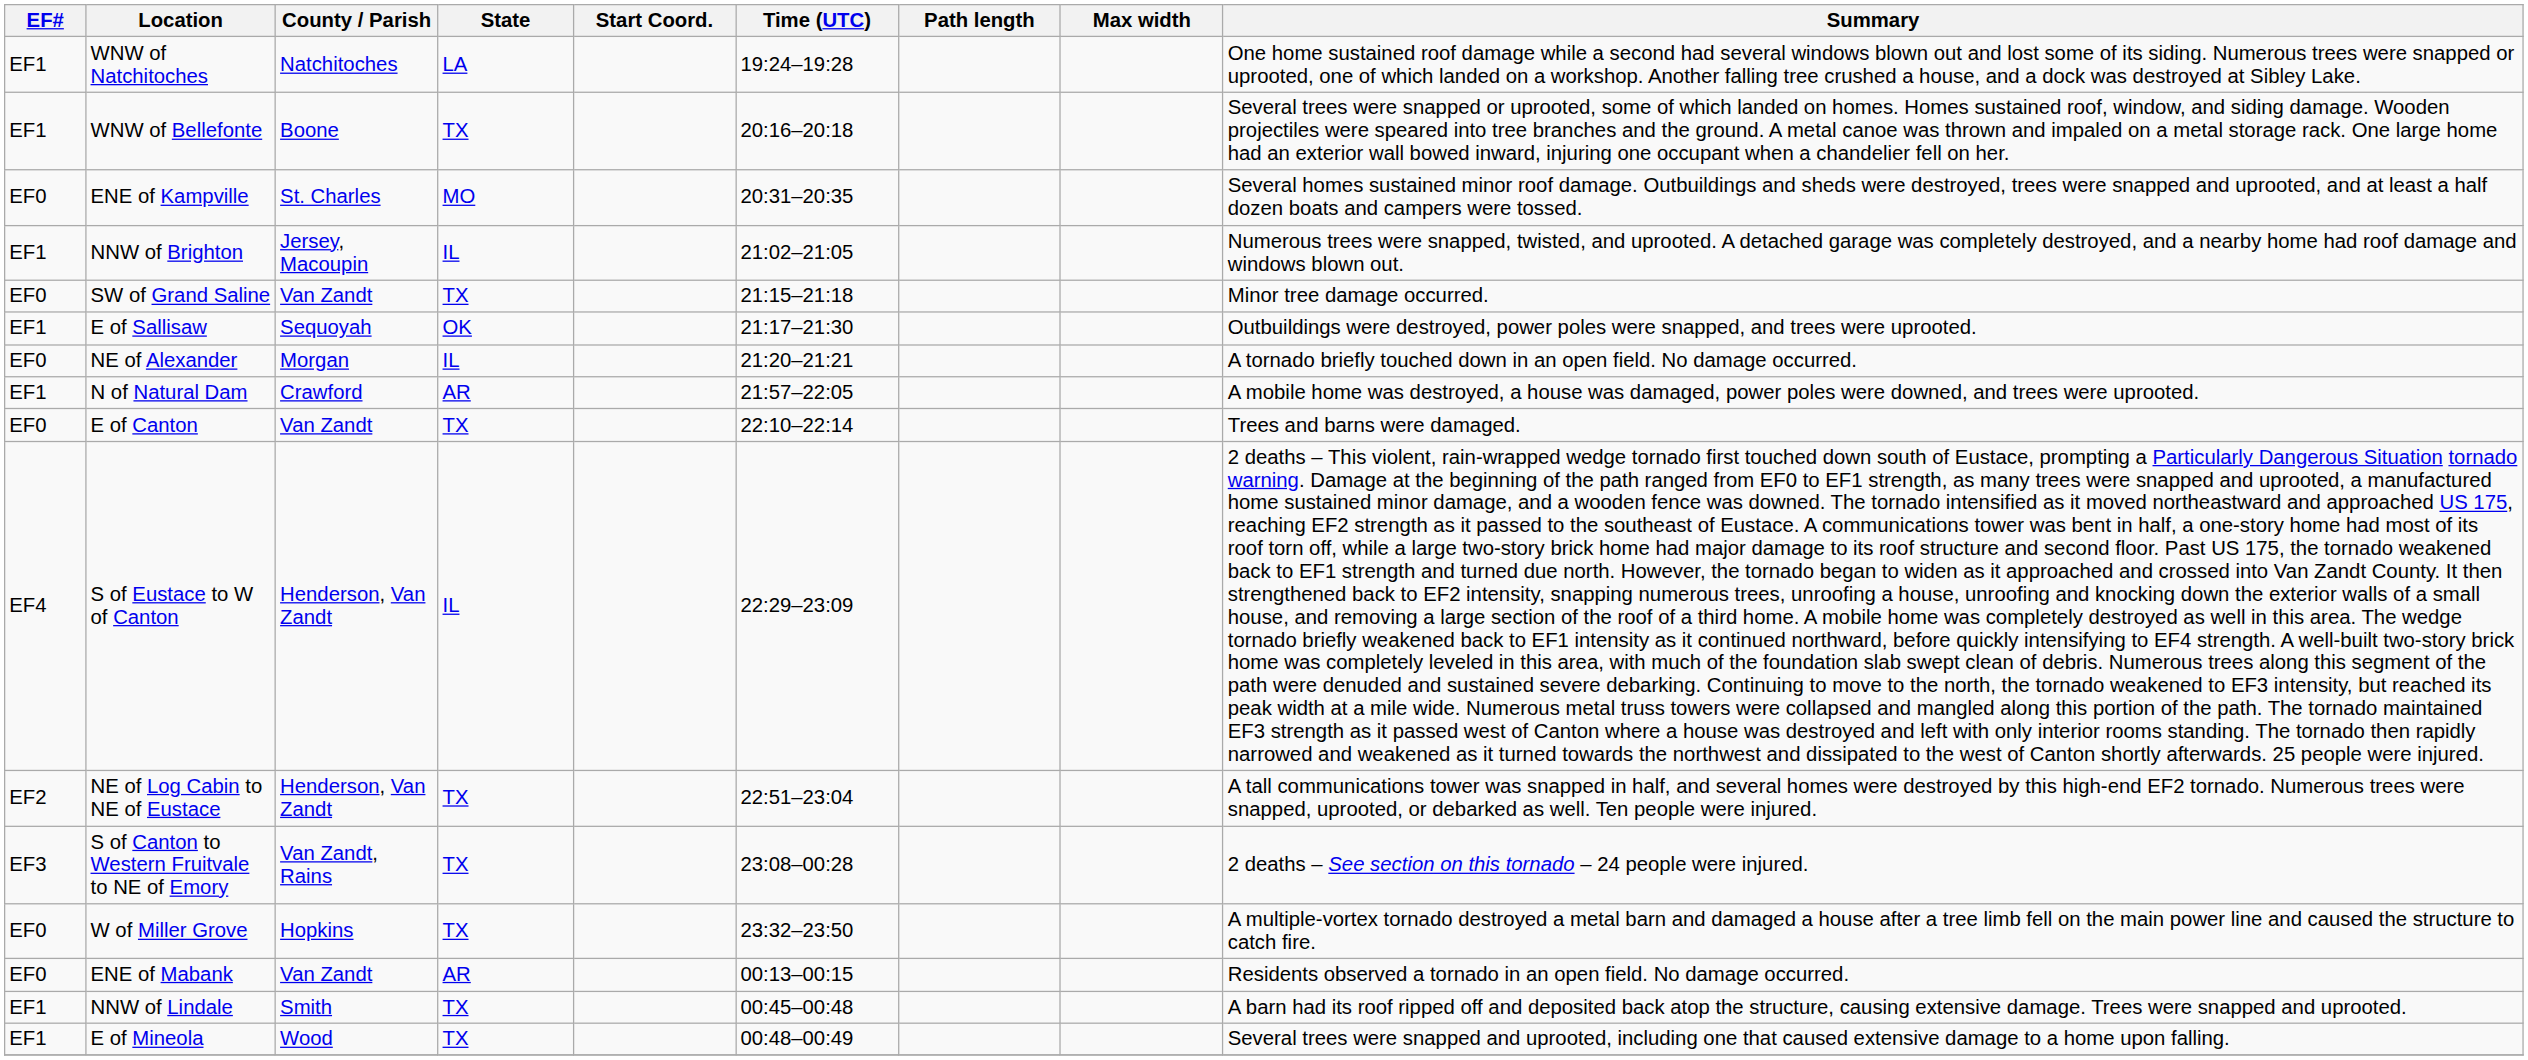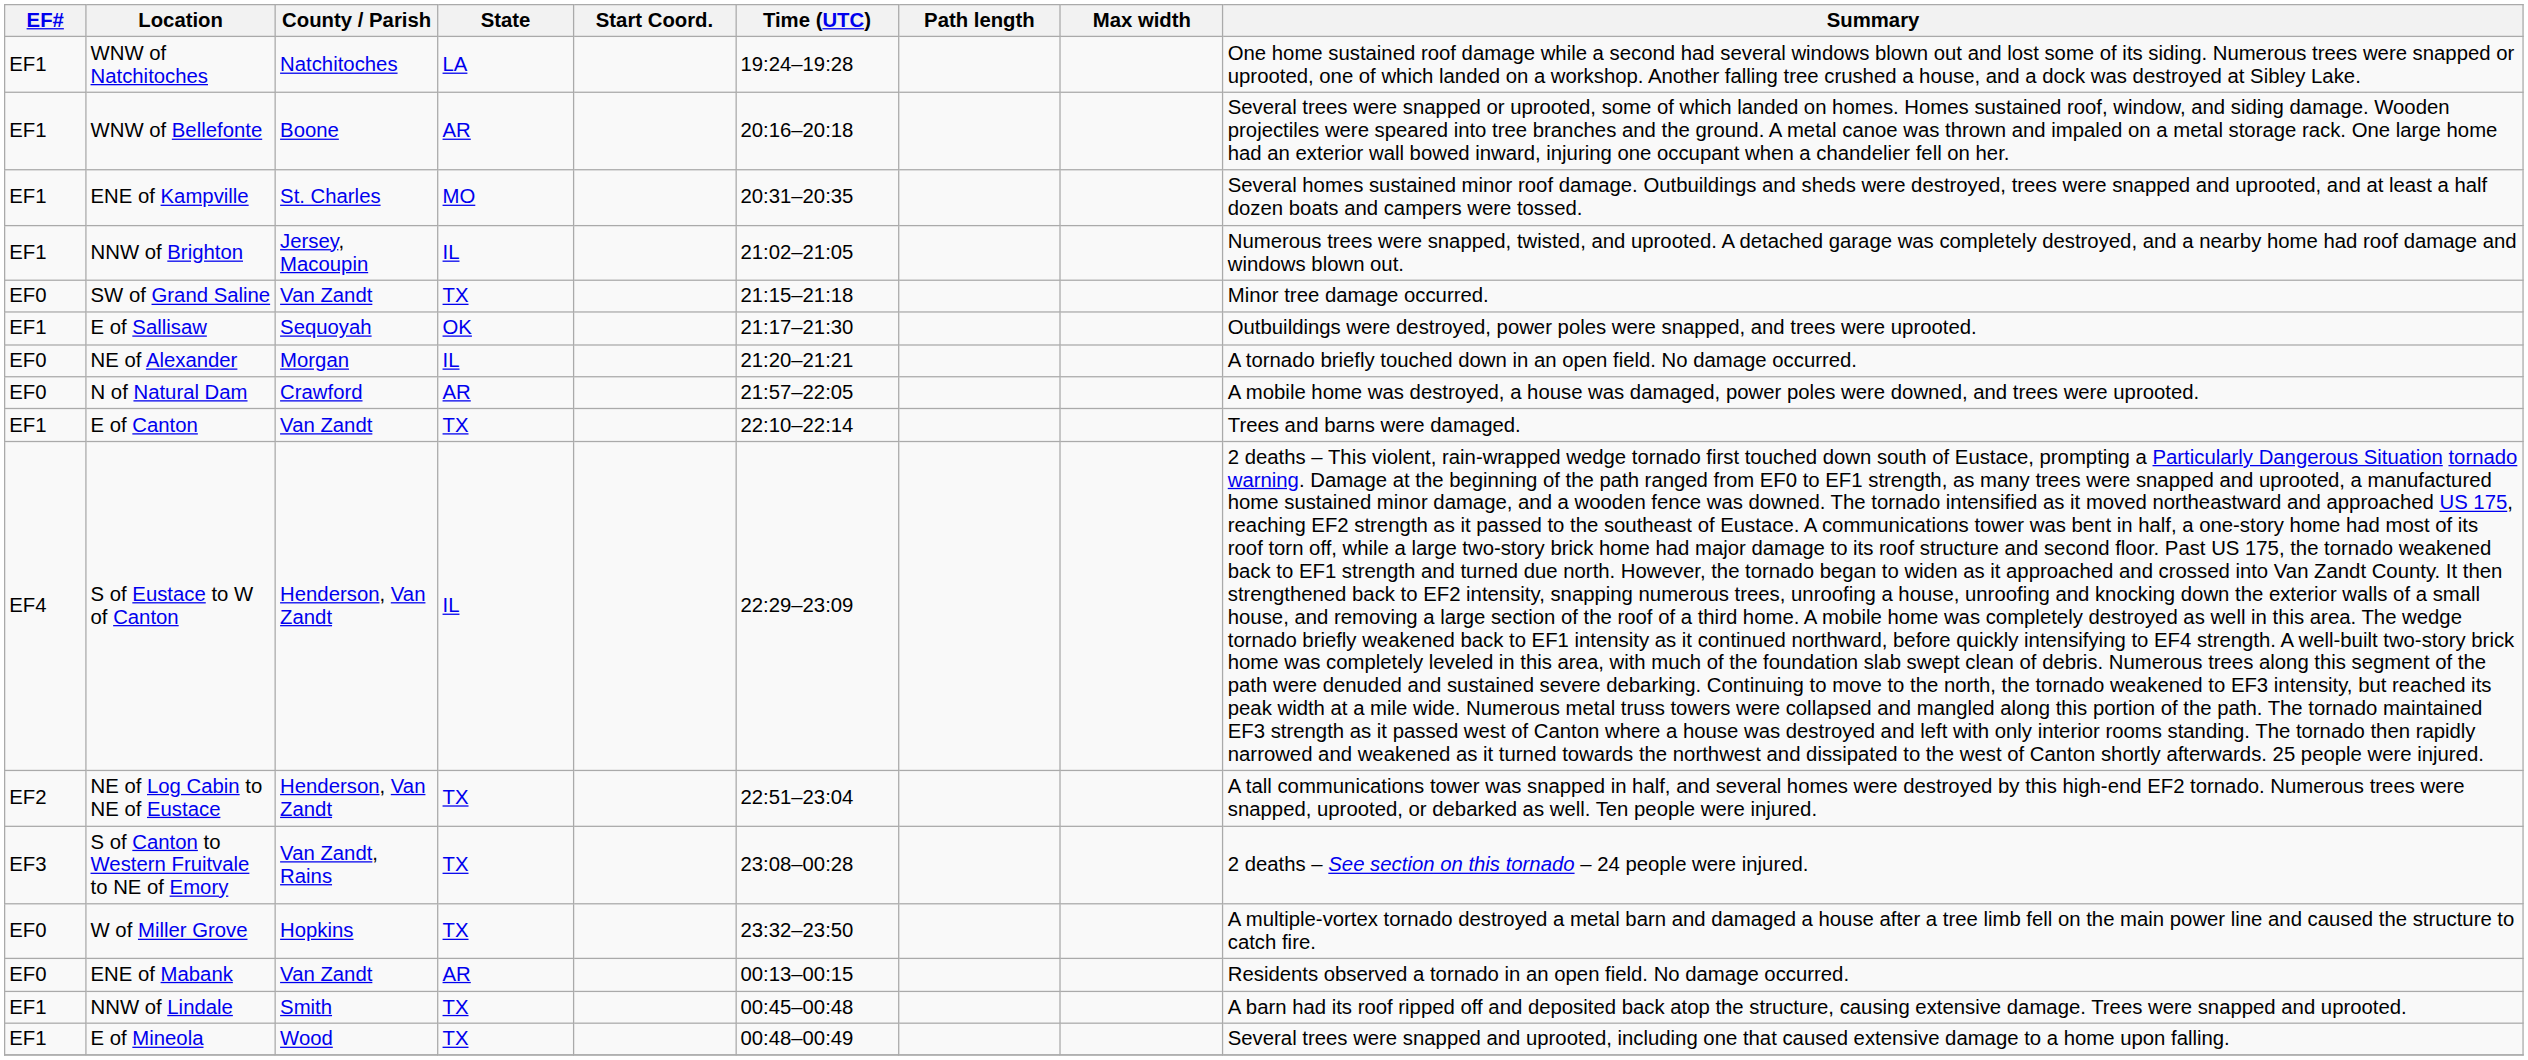 <table class="wikitable sortable" style="width:100%;">
 <tr>
 <th scope="col"  style="width:3%; text-align:center;"><a href='#'>EF#</a></th>
 <th scope="col"  style="width:7%; text-align:center;" class="unsortable">Location</th>
 <th scope="col"  style="width:6%; text-align:center;" class="unsortable">County / Parish</th>
 <th scope="col"  style="width:5%; text-align:center;">State</th>
 <th scope="col"  style="width:6%; text-align:center;">Start Coord.</th>
 <th scope="col"  style="width:6%; text-align:center;">Time (<a href='#'>UTC</a>)</th>
 <th scope="col"  style="width:6%; text-align:center;">Path length</th>
 <th scope="col"  style="width:6%; text-align:center;">Max width</th>
 <th scope="col" class="unsortable" style="width:48%; text-align:center;">Summary</th>
 </tr>
 <tr>
 <td>EF1</td>
 <td>WNW of <a href='#'>Natchitoches</a></td>
 <td><a href='#'>Natchitoches</a></td>
 <td><a href='#'>LA</a></td>
 <td></td>
 <td>19:24–19:28</td>
 <td></td>
 <td></td>
 <td>One home sustained roof damage while a second had several windows blown out and lost some of its siding. Numerous trees were snapped or uprooted, one of which landed on a workshop. Another falling tree crushed a house, and a dock was destroyed at Sibley Lake.</td>
 </tr>
 <tr>
 <td>EF1</td>
 <td>WNW of <a href='#'>Bellefonte</a></td>
 <td><a href='#'>Boone</a></td>
-<td><a href='#'>TX</a></td>
+<td><a href='#'>AR</a></td>
 <td></td>
 <td>20:16–20:18</td>
 <td></td>
 <td></td>
 <td>Several trees were snapped or uprooted, some of which landed on homes. Homes sustained roof, window, and siding damage. Wooden projectiles were speared into tree branches and the ground. A metal canoe was thrown and impaled on a metal storage rack. One large home had an exterior wall bowed inward, injuring one occupant when a chandelier fell on her.</td>
 </tr>
 <tr>
-<td>EF0</td>
+<td>EF1</td>
 <td>ENE of <a href='#'>Kampville</a></td>
 <td><a href='#'>St. Charles</a></td>
 <td><a href='#'>MO</a></td>
 <td></td>
 <td>20:31–20:35</td>
 <td></td>
 <td></td>
 <td>Several homes sustained minor roof damage. Outbuildings and sheds were destroyed, trees were snapped and uprooted, and at least a half dozen boats and campers were tossed.</td>
 </tr>
 <tr>
 <td>EF1</td>
 <td>NNW of <a href='#'>Brighton</a></td>
 <td><a href='#'>Jersey</a>, <a href='#'>Macoupin</a></td>
 <td><a href='#'>IL</a></td>
 <td></td>
 <td>21:02–21:05</td>
 <td></td>
 <td></td>
 <td>Numerous trees were snapped, twisted, and uprooted. A detached garage was completely destroyed, and a nearby home had roof damage and windows blown out.</td>
 </tr>
 <tr>
 <td>EF0</td>
 <td>SW of <a href='#'>Grand Saline</a></td>
 <td><a href='#'>Van Zandt</a></td>
 <td><a href='#'>TX</a></td>
 <td></td>
 <td>21:15–21:18</td>
 <td></td>
 <td></td>
 <td>Minor tree damage occurred.</td>
 </tr>
 <tr>
 <td>EF1</td>
 <td>E of <a href='#'>Sallisaw</a></td>
 <td><a href='#'>Sequoyah</a></td>
 <td><a href='#'>OK</a></td>
 <td></td>
 <td>21:17–21:30</td>
 <td></td>
 <td></td>
 <td>Outbuildings were destroyed, power poles were snapped, and trees were uprooted.</td>
 </tr>
 <tr>
 <td>EF0</td>
 <td>NE of <a href='#'>Alexander</a></td>
 <td><a href='#'>Morgan</a></td>
 <td><a href='#'>IL</a></td>
 <td></td>
 <td>21:20–21:21</td>
 <td></td>
 <td></td>
 <td>A tornado briefly touched down in an open field. No damage occurred.</td>
 </tr>
 <tr>
-<td>EF1</td>
+<td>EF0</td>
 <td>N of <a href='#'>Natural Dam</a></td>
 <td><a href='#'>Crawford</a></td>
 <td><a href='#'>AR</a></td>
 <td></td>
 <td>21:57–22:05</td>
 <td></td>
 <td></td>
 <td>A mobile home was destroyed, a house was damaged, power poles were downed, and trees were uprooted.</td>
 </tr>
 <tr>
-<td>EF0</td>
+<td>EF1</td>
 <td>E of <a href='#'>Canton</a></td>
 <td><a href='#'>Van Zandt</a></td>
 <td><a href='#'>TX</a></td>
 <td></td>
 <td>22:10–22:14</td>
 <td></td>
 <td></td>
 <td>Trees and barns were damaged.</td>
 </tr>
 <tr>
 <td>EF4</td>
 <td>S of <a href='#'>Eustace</a> to W of <a href='#'>Canton</a></td>
 <td><a href='#'>Henderson</a>, <a href='#'>Van Zandt</a></td>
 <td><a href='#'>IL</a></td>
 <td></td>
 <td>22:29–23:09</td>
 <td></td>
 <td></td>
 <td>2 deaths – This violent, rain-wrapped wedge tornado first touched down south of Eustace, prompting a <a href='#'>Particularly Dangerous Situation</a> <a href='#'>tornado warning</a>. Damage at the beginning of the path ranged from EF0 to EF1 strength, as many trees were snapped and uprooted, a manufactured home sustained minor damage, and a wooden fence was downed. The tornado intensified as it moved northeastward and approached <a href='#'>US 175</a>, reaching EF2 strength as it passed to the southeast of Eustace. A communications tower was bent in half, a one-story home had most of its roof torn off, while a large two-story brick home had major damage to its roof structure and second floor. Past US 175, the tornado weakened back to EF1 strength and turned due north. However, the tornado began to widen as it approached and crossed into Van Zandt County. It then strengthened back to EF2 intensity, snapping numerous trees, unroofing a house, unroofing and knocking down the exterior walls of a small house, and removing a large section of the roof of a third home. A mobile home was completely destroyed as well in this area. The wedge tornado briefly weakened back to EF1 intensity as it continued northward, before quickly intensifying to EF4 strength. A well-built two-story brick home was completely leveled in this area, with much of the foundation slab swept clean of debris. Numerous trees along this segment of the path were denuded and sustained severe debarking. Continuing to move to the north, the tornado weakened to EF3 intensity, but reached its peak width at a mile wide. Numerous metal truss towers were collapsed and mangled along this portion of the path. The tornado maintained EF3 strength as it passed west of Canton where a house was destroyed and left with only interior rooms standing. The tornado then rapidly narrowed and weakened as it turned towards the northwest and dissipated to the west of Canton shortly afterwards. 25 people were injured.</td>
 </tr>
 <tr>
 <td>EF2</td>
 <td>NE of <a href='#'>Log Cabin</a> to NE of <a href='#'>Eustace</a></td>
 <td><a href='#'>Henderson</a>, <a href='#'>Van Zandt</a></td>
 <td><a href='#'>TX</a></td>
 <td></td>
 <td>22:51–23:04</td>
 <td></td>
 <td></td>
 <td>A tall communications tower was snapped in half, and several homes were destroyed by this high-end EF2 tornado. Numerous trees were snapped, uprooted, or debarked as well. Ten people were injured.</td>
 </tr>
 <tr>
 <td>EF3</td>
 <td>S of <a href='#'>Canton</a> to <a href='#'>Western Fruitvale</a> to NE of <a href='#'>Emory</a></td>
 <td><a href='#'>Van Zandt</a>, <a href='#'>Rains</a></td>
 <td><a href='#'>TX</a></td>
 <td></td>
 <td>23:08–00:28</td>
 <td></td>
 <td></td>
 <td>2 deaths – <em><a href='#'>See section on this tornado</a></em> – 24 people were injured.</td>
 </tr>
 <tr>
 <td>EF0</td>
 <td>W of <a href='#'>Miller Grove</a></td>
 <td><a href='#'>Hopkins</a></td>
 <td><a href='#'>TX</a></td>
 <td></td>
 <td>23:32–23:50</td>
 <td></td>
 <td></td>
 <td>A multiple-vortex tornado destroyed a metal barn and damaged a house after a tree limb fell on the main power line and caused the structure to catch fire.</td>
 </tr>
 <tr>
 <td>EF0</td>
 <td>ENE of <a href='#'>Mabank</a></td>
 <td><a href='#'>Van Zandt</a></td>
 <td><a href='#'>AR</a></td>
 <td></td>
 <td>00:13–00:15</td>
 <td></td>
 <td></td>
 <td>Residents observed a tornado in an open field. No damage occurred.</td>
 </tr>
 <tr>
 <td>EF1</td>
 <td>NNW of <a href='#'>Lindale</a></td>
 <td><a href='#'>Smith</a></td>
 <td><a href='#'>TX</a></td>
 <td></td>
 <td>00:45–00:48</td>
 <td></td>
 <td></td>
 <td>A barn had its roof ripped off and deposited back atop the structure, causing extensive damage. Trees were snapped and uprooted.</td>
 </tr>
 <tr>
 <td>EF1</td>
 <td>E of <a href='#'>Mineola</a></td>
 <td><a href='#'>Wood</a></td>
 <td><a href='#'>TX</a></td>
 <td></td>
 <td>00:48–00:49</td>
 <td></td>
 <td></td>
 <td>Several trees were snapped and uprooted, including one that caused extensive damage to a home upon falling.</td>
 </tr>
 <tr>
 </tr>
 </table>
